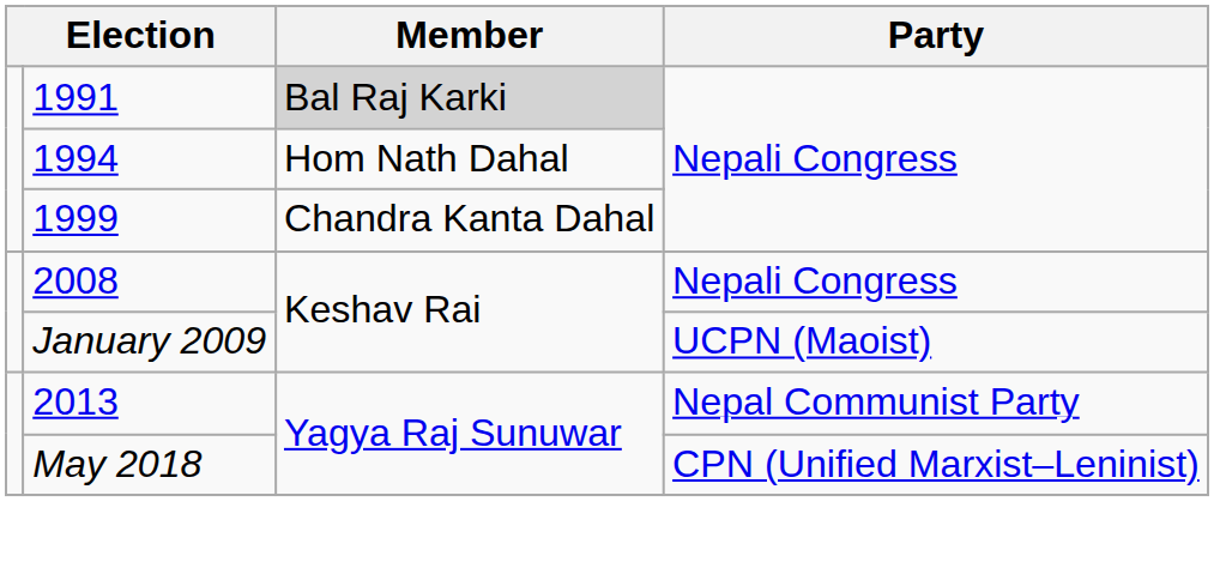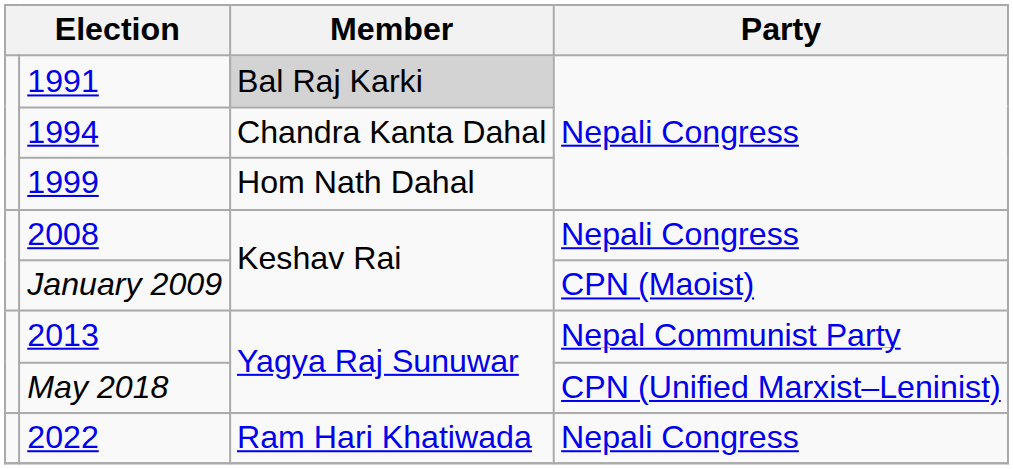 <table class="wikitable">
 <tr>
 <th colspan="2">Election</th>
 <th>Member</th>
 <th>Party</th>
 </tr>
 <tr>
 <td rowspan="3" style="background-color:"></td>
 <td><a href='#'>1991</a></td>
 <td style="background: lightgrey;">Bal Raj Karki</td>
 <td rowspan="3"><a href='#'>Nepali Congress</a></td>
 </tr>
 <tr>
 <td><a href='#'>1994</a></td>
-<td>Hom Nath Dahal</td>
+<td>Chandra Kanta Dahal</td>
 </tr>
 <tr>
 <td><a href='#'>1999</a></td>
-<td>Chandra Kanta Dahal</td>
+<td>Hom Nath Dahal</td>
 </tr>
 <tr>
 <td rowspan="2" style="background-color:"></td>
 <td><a href='#'>2008</a></td>
 <td rowspan="2">Keshav Rai</td>
 <td><a href='#'>Nepali Congress</a></td>
 </tr>
 <tr>
 <td><em>January 2009</em></td>
-<td><a href='#'>UCPN (Maoist)</a></td>
+<td><a href='#'>CPN (Maoist)</a></td>
 </tr>
 <tr>
 <td rowspan="2" style="background-color:"></td>
 <td><a href='#'>2013</a></td>
 <td rowspan="2"><a href='#'>Yagya Raj Sunuwar</a></td>
 <td><a href='#'>Nepal Communist Party</a></td>
 </tr>
 <tr>
 <td><em>May 2018</em></td>
 <td><a href='#'>CPN (Unified Marxist–Leninist)</a></td>
 </tr>
 <tr>
+<td></td>
+<td><a href='#'>2022</a></td>
+<td><a href='#'>Ram Hari Khatiwada</a></td>
+<td><a href='#'>Nepali Congress</a></td>
+</tr>
+<tr>
 </tr>
 </table>
